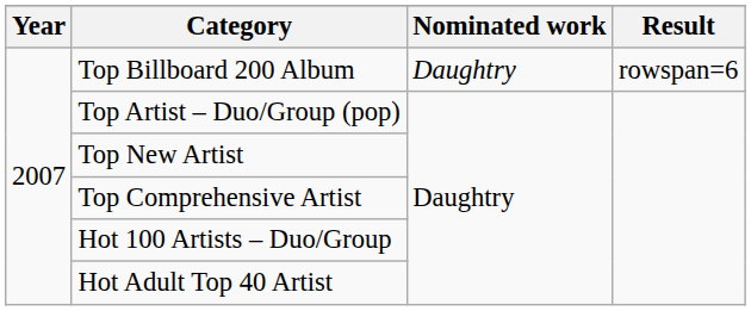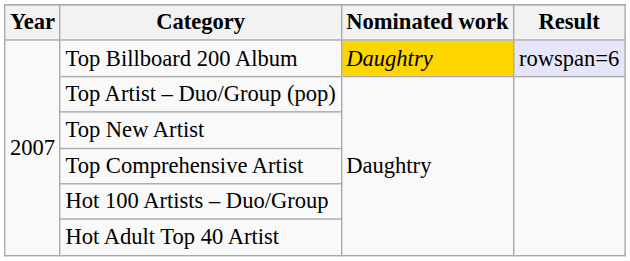 <table class="wikitable">
 <tr>
 </tr>
 <tr>
 <th>Year</th>
 <th>Category</th>
 <th>Nominated work</th>
 <th>Result</th>
 </tr>
 <tr>
 <td rowspan=6>2007</td>
 <td>Top Billboard 200 Album</td>
-<td><em>Daughtry</em></td>
-<td>rowspan=6 </td>
+<td style="background: gold;"><em>Daughtry</em></td>
+<td style="background: lavender;">rowspan=6 </td>
 </tr>
 <tr>
 <td>Top Artist – Duo/Group (pop)</td>
 <td rowspan=5>Daughtry</td>
 </tr>
 <tr>
 <td>Top New Artist</td>
 </tr>
 <tr>
 <td>Top Comprehensive Artist</td>
 </tr>
 <tr>
 <td>Hot 100 Artists – Duo/Group</td>
 </tr>
 <tr>
 <td>Hot Adult Top 40 Artist</td>
 </tr>
 </table>
